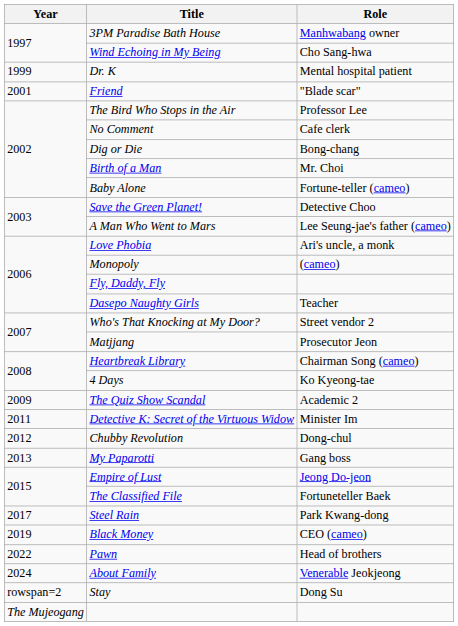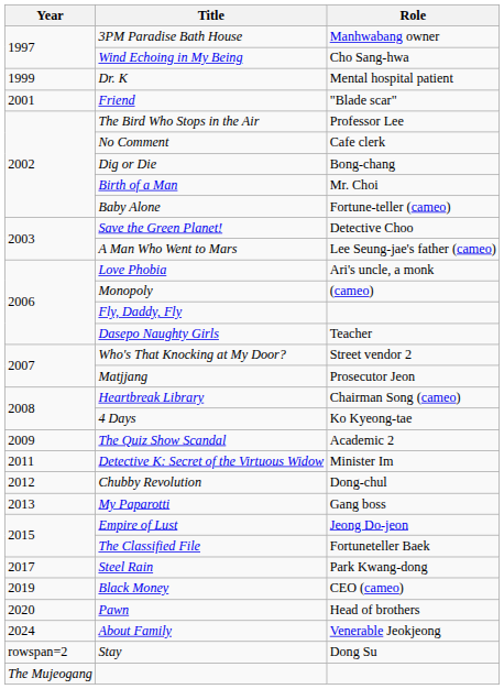 <table class="wikitable">
 <tr>
 <th>Year</th>
 <th>Title</th>
 <th>Role</th>
 </tr>
 <tr>
 <td rowspan=2>1997</td>
 <td><em>3PM Paradise Bath House</em></td>
 <td><a href='#'>Manhwabang</a> owner</td>
 </tr>
 <tr>
 <td><em><a href='#'>Wind Echoing in My Being</a></em></td>
 <td>Cho Sang-hwa</td>
 </tr>
 <tr>
 <td>1999</td>
 <td><em>Dr. K</em></td>
 <td>Mental hospital patient</td>
 </tr>
 <tr>
 <td>2001</td>
 <td><em><a href='#'>Friend</a></em></td>
 <td>"Blade scar"</td>
 </tr>
 <tr>
 <td rowspan=5>2002</td>
 <td><em>The Bird Who Stops in the Air</em></td>
 <td>Professor Lee</td>
 </tr>
 <tr>
 <td><em>No Comment</em></td>
 <td>Cafe clerk</td>
 </tr>
 <tr>
 <td><em>Dig or Die</em></td>
 <td>Bong-chang</td>
 </tr>
 <tr>
 <td><em><a href='#'>Birth of a Man</a></em></td>
 <td>Mr. Choi</td>
 </tr>
 <tr>
 <td><em>Baby Alone</em></td>
 <td>Fortune-teller (<a href='#'>cameo</a>)</td>
 </tr>
 <tr>
 <td rowspan=2>2003</td>
 <td><em><a href='#'>Save the Green Planet!</a></em></td>
 <td>Detective Choo</td>
 </tr>
 <tr>
 <td><em>A Man Who Went to Mars</em></td>
 <td>Lee Seung-jae's father (<a href='#'>cameo</a>)</td>
 </tr>
 <tr>
 <td rowspan=4>2006</td>
 <td><em><a href='#'>Love Phobia</a></em></td>
 <td>Ari's uncle, a monk</td>
 </tr>
 <tr>
 <td><em>Monopoly</em></td>
 <td>(<a href='#'>cameo</a>)</td>
 </tr>
 <tr>
 <td><em><a href='#'>Fly, Daddy, Fly</a></em></td>
 <td></td>
 </tr>
 <tr>
 <td><em><a href='#'>Dasepo Naughty Girls</a></em></td>
 <td>Teacher</td>
 </tr>
 <tr>
 <td rowspan=2>2007</td>
 <td><em>Who's That Knocking at My Door?</em></td>
 <td>Street vendor 2</td>
 </tr>
 <tr>
 <td><em>Matjjang</em></td>
 <td>Prosecutor Jeon</td>
 </tr>
 <tr>
 <td rowspan=2>2008</td>
 <td><em><a href='#'>Heartbreak Library</a></em></td>
 <td>Chairman Song (<a href='#'>cameo</a>)</td>
 </tr>
 <tr>
 <td><em>4 Days</em></td>
 <td>Ko Kyeong-tae</td>
 </tr>
 <tr>
 <td>2009</td>
 <td><em><a href='#'>The Quiz Show Scandal</a></em></td>
 <td>Academic 2</td>
 </tr>
 <tr>
 <td>2011</td>
 <td><em><a href='#'>Detective K: Secret of the Virtuous Widow</a></em></td>
 <td>Minister Im</td>
 </tr>
 <tr>
 <td>2012</td>
 <td><em>Chubby Revolution</em></td>
 <td>Dong-chul</td>
 </tr>
 <tr>
 <td>2013</td>
 <td><em><a href='#'>My Paparotti</a></em></td>
 <td>Gang boss</td>
 </tr>
 <tr>
 <td rowspan=2>2015</td>
 <td><em><a href='#'>Empire of Lust</a></em></td>
 <td><a href='#'>Jeong Do-jeon</a></td>
 </tr>
 <tr>
 <td><em><a href='#'>The Classified File</a></em></td>
 <td>Fortuneteller Baek</td>
 </tr>
 <tr>
 <td>2017</td>
 <td><em><a href='#'>Steel Rain</a></em></td>
 <td>Park Kwang-dong</td>
 </tr>
 <tr>
 <td>2019</td>
 <td><em><a href='#'>Black Money</a></em></td>
 <td>CEO (<a href='#'>cameo</a>)</td>
 </tr>
 <tr>
-<td>2022</td>
+<td>2020</td>
 <td><em><a href='#'>Pawn</a></em></td>
 <td>Head of brothers</td>
 </tr>
 <tr>
 <td>2024</td>
 <td><em><a href='#'>About Family</a></em></td>
 <td><a href='#'>Venerable</a> Jeokjeong</td>
 </tr>
 <tr>
 <td>rowspan=2 </td>
 <td><em>Stay</em></td>
 <td>Dong Su </td>
 </tr>
 <tr>
 <td><em>The Mujeogang</em></td>
 <td></td>
 </tr>
 </table>
